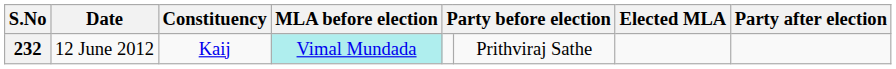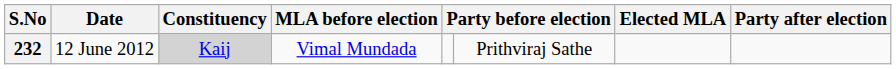 <table class="wikitable sortable" style="text-align:center;">
 <tr>
 <th>S.No</th>
 <th>Date</th>
 <th>Constituency</th>
 <th>MLA before election</th>
 <th colspan="2">Party before election</th>
 <th>Elected MLA</th>
 <th colspan="2">Party after election</th>
 </tr>
 <tr>
 <th>232</th>
 <td>12 June 2012</td>
-<td><a href='#'>Kaij</a></td>
-<td style="background: paleturquoise;"><a href='#'>Vimal Mundada</a></td>
+<td style="background: lightgrey;"><a href='#'>Kaij</a></td>
+<td><a href='#'>Vimal Mundada</a></td>
 <td></td>
 <td>Prithviraj Sathe</td>
 <td></td>
 </tr>
 </table>
